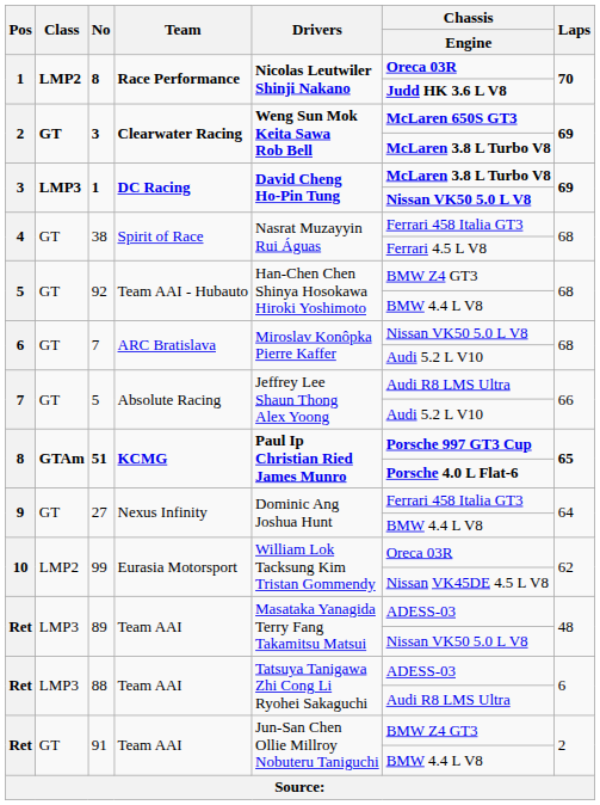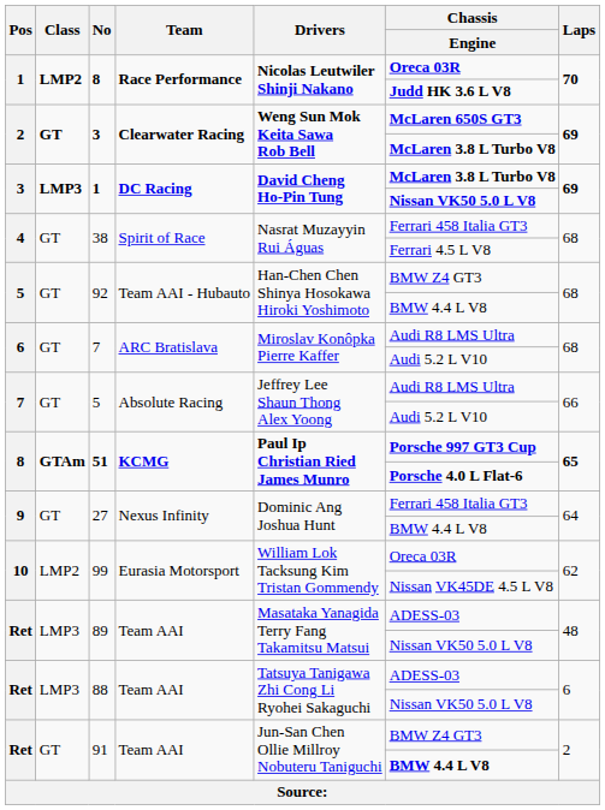 <table class="wikitable">
 <tr>
 <th rowspan="2">Pos</th>
 <th rowspan="2">Class</th>
 <th rowspan="2">No</th>
 <th rowspan="2">Team</th>
 <th rowspan="2">Drivers</th>
 <th>Chassis</th>
 <th rowspan="2">Laps</th>
 </tr>
 <tr>
 <th>Engine</th>
 </tr>
 <tr>
 <th rowspan="2">1</th>
 <td rowspan="2"><strong>LMP2</strong></td>
 <td rowspan="2"><strong>8</strong></td>
 <td rowspan="2"><strong> Race Performance</strong></td>
 <td rowspan="2"><strong> Nicolas Leutwiler</strong><br><strong> <a href='#'>Shinji Nakano</a></strong></td>
 <td><a href='#'><strong>Oreca 03R</strong></a></td>
 <td rowspan="2"><strong>70</strong></td>
 </tr>
 <tr>
 <td><strong><a href='#'>Judd</a> HK 3.6 L V8</strong></td>
 </tr>
 <tr>
 <th rowspan="2">2</th>
 <td rowspan="2"><strong>GT</strong></td>
 <td rowspan="2"><strong>3</strong></td>
 <td rowspan="2"><strong> Clearwater Racing</strong></td>
 <td rowspan="2"><strong> Weng Sun Mok</strong><br><strong> <a href='#'>Keita Sawa</a><br> <a href='#'>Rob Bell</a></strong></td>
 <td><a href='#'><strong>McLaren 650S GT3</strong></a></td>
 <td rowspan="2"><strong>69</strong></td>
 </tr>
 <tr>
 <td><strong><a href='#'>McLaren</a> 3.8 L Turbo V8</strong></td>
 </tr>
 <tr>
 <th rowspan="2">3</th>
 <td rowspan="2"><strong>LMP3</strong></td>
 <td rowspan="2"><strong>1</strong></td>
 <td rowspan="2"><strong> <a href='#'>DC Racing</a></strong></td>
 <td rowspan="2"><strong> <a href='#'>David Cheng</a></strong><br><strong> <a href='#'>Ho-Pin Tung</a></strong></td>
 <td><strong><a href='#'>McLaren</a> 3.8 L Turbo V8</strong></td>
 <td rowspan="2"><strong>69</strong></td>
 </tr>
 <tr>
 <td><a href='#'><strong>Nissan VK50 5.0 L V8</strong></a></td>
 </tr>
 <tr>
 <th rowspan="2">4</th>
 <td rowspan="2">GT</td>
 <td rowspan="2">38</td>
 <td rowspan="2"> <a href='#'>Spirit of Race</a></td>
 <td rowspan="2"> Nasrat Muzayyin<br> <a href='#'>Rui Águas</a></td>
 <td><a href='#'>Ferrari 458 Italia GT3</a></td>
 <td rowspan="2">68</td>
 </tr>
 <tr>
 <td><a href='#'>Ferrari</a> 4.5 L V8</td>
 </tr>
 <tr>
 <th rowspan="2">5</th>
 <td rowspan="2">GT</td>
 <td rowspan="2">92</td>
 <td rowspan="2"> Team AAI - Hubauto</td>
 <td rowspan="2"> Han-Chen Chen<br> Shinya Hosokawa<br> <a href='#'>Hiroki Yoshimoto</a></td>
 <td><a href='#'>BMW Z4</a> GT3</td>
 <td rowspan="2">68</td>
 </tr>
 <tr>
 <td><a href='#'>BMW</a> 4.4 L V8</td>
 </tr>
 <tr>
 <th rowspan="2">6</th>
 <td rowspan="2">GT</td>
 <td rowspan="2">7</td>
 <td rowspan="2"> <a href='#'>ARC Bratislava</a></td>
 <td rowspan="2"> <a href='#'>Miroslav Konôpka</a><br> <a href='#'>Pierre Kaffer</a></td>
-<td><a href='#'>Nissan VK50 5.0 L V8</a></td>
+<td><a href='#'>Audi R8 LMS Ultra</a></td>
 <td rowspan="2">68</td>
 </tr>
 <tr>
 <td><a href='#'>Audi</a> 5.2 L V10</td>
 </tr>
 <tr>
 <th rowspan="2">7</th>
 <td rowspan="2">GT</td>
 <td rowspan="2">5</td>
 <td rowspan="2"> Absolute Racing</td>
 <td rowspan="2"> Jeffrey Lee<br> <a href='#'>Shaun Thong</a><br> <a href='#'>Alex Yoong</a></td>
 <td><a href='#'>Audi R8 LMS Ultra</a></td>
 <td rowspan="2">66</td>
 </tr>
 <tr>
 <td><a href='#'>Audi</a> 5.2 L V10</td>
 </tr>
 <tr>
 <th rowspan="2">8</th>
 <td rowspan="2"><strong>GTAm</strong></td>
 <td rowspan="2"><strong>51</strong></td>
 <td rowspan="2"><strong> <a href='#'>KCMG</a></strong></td>
 <td rowspan="2"><strong> Paul Ip</strong><br><strong> <a href='#'>Christian Ried</a><br> <a href='#'>James Munro</a></strong></td>
 <td><a href='#'><strong>Porsche 997 GT3 Cup</strong></a></td>
 <td rowspan="2"><strong>65</strong></td>
 </tr>
 <tr>
 <td><strong><a href='#'>Porsche</a> 4.0 L Flat-6</strong></td>
 </tr>
 <tr>
 <th rowspan="2">9</th>
 <td rowspan="2">GT</td>
 <td rowspan="2">27</td>
 <td rowspan="2"> Nexus Infinity</td>
 <td rowspan="2"> Dominic Ang<br> Joshua Hunt</td>
 <td><a href='#'>Ferrari 458 Italia GT3</a></td>
 <td rowspan="2">64</td>
 </tr>
 <tr>
 <td><a href='#'>BMW</a> 4.4 L V8</td>
 </tr>
 <tr>
 <th rowspan="2">10</th>
 <td rowspan="2">LMP2</td>
 <td rowspan="2">99</td>
 <td rowspan="2"> Eurasia Motorsport</td>
 <td rowspan="2"> <a href='#'>William Lok</a><br> Tacksung Kim<br> <a href='#'>Tristan Gommendy</a></td>
 <td><a href='#'>Oreca 03R</a></td>
 <td rowspan="2">62</td>
 </tr>
 <tr>
 <td><a href='#'>Nissan</a> <a href='#'>VK45DE</a> 4.5 L V8</td>
 </tr>
 <tr>
 <th rowspan="2">Ret</th>
 <td rowspan="2">LMP3</td>
 <td rowspan="2">89</td>
 <td rowspan="2"> Team AAI</td>
 <td rowspan="2"> <a href='#'>Masataka Yanagida</a><br> Terry Fang<br> <a href='#'>Takamitsu Matsui</a></td>
 <td><a href='#'>ADESS-03</a></td>
 <td rowspan="2">48</td>
 </tr>
 <tr>
 <td><a href='#'>Nissan VK50 5.0 L V8</a></td>
 </tr>
 <tr>
 <th rowspan="2">Ret</th>
 <td rowspan="2">LMP3</td>
 <td rowspan="2">88</td>
 <td rowspan="2"> Team AAI</td>
 <td rowspan="2"> <a href='#'>Tatsuya Tanigawa</a><br> <a href='#'>Zhi Cong Li</a><br> Ryohei Sakaguchi</td>
 <td><a href='#'>ADESS-03</a></td>
 <td rowspan="2">6</td>
 </tr>
 <tr>
-<td><a href='#'>Audi R8 LMS Ultra</a></td>
+<td><a href='#'>Nissan VK50 5.0 L V8</a></td>
 </tr>
 <tr>
 <th rowspan="2">Ret</th>
 <td rowspan="2">GT</td>
 <td rowspan="2">91</td>
 <td rowspan="2"> Team AAI</td>
 <td rowspan="2"> Jun-San Chen<br> Ollie Millroy<br> <a href='#'>Nobuteru Taniguchi</a></td>
 <td><a href='#'>BMW Z4 GT3</a></td>
 <td rowspan="2">2</td>
 </tr>
 <tr>
-<td><a href='#'>BMW</a> 4.4 L V8</td>
+<td><strong><a href='#'>BMW</a> 4.4 L V8</strong></td>
 </tr>
 <tr>
 <th colspan="7">Source:</th>
 </tr>
 </table>
